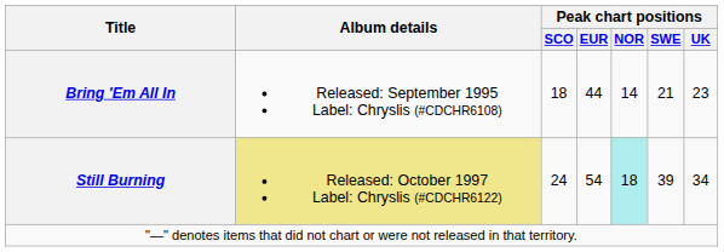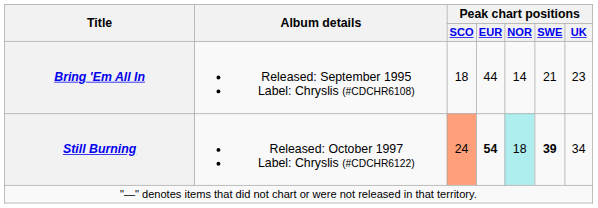 <table class="wikitable plainrowheaders" style="text-align:center;">
 <tr>
 <th scope="col" rowspan="2" style="width:15em;">Title</th>
 <th scope="col" rowspan="2" style="width:20em;">Album details</th>
 <th scope="col" colspan="5">Peak chart positions</th>
 </tr>
 <tr>
 <th style="width:2em;font-size:90%;"><a href='#'>SCO</a><br></th>
 <th style="width:2em;font-size:90%;"><a href='#'>EUR</a><br></th>
 <th style="width:2em;font-size:90%;"><a href='#'>NOR</a><br></th>
 <th style="width:2em;font-size:90%;"><a href='#'>SWE</a><br></th>
 <th style="width:2em;font-size:90%;"><a href='#'>UK</a><br></th>
 </tr>
 <tr>
 <th scope="row"><em><a href='#'>Bring 'Em All In</a></em></th>
 <td><br><ul><li>Released: September 1995</li><li>Label: Chryslis <small>(#CDCHR6108)</small></li></ul></td>
 <td>18</td>
 <td>44</td>
 <td>14</td>
 <td>21</td>
 <td>23</td>
 </tr>
 <tr>
 <th scope="row"><em><a href='#'>Still Burning</a></em></th>
-<td style="background: khaki;"><br><ul><li>Released: October 1997</li><li>Label: Chryslis <small>(#CDCHR6122)</small></li></ul></td>
-<td>24</td>
-<td>54</td>
+<td><br><ul><li>Released: October 1997</li><li>Label: Chryslis <small>(#CDCHR6122)</small></li></ul></td>
+<td style="background: lightsalmon;">24</td>
+<td><strong>54</strong></td>
 <td style="background: paleturquoise;">18</td>
-<td>39</td>
+<td><strong>39</strong></td>
 <td>34</td>
 </tr>
 <tr>
 <td align="center" colspan="15" style="font-size:90%">"—" denotes items that did not chart or were not released in that territory.</td>
 </tr>
 </table>
